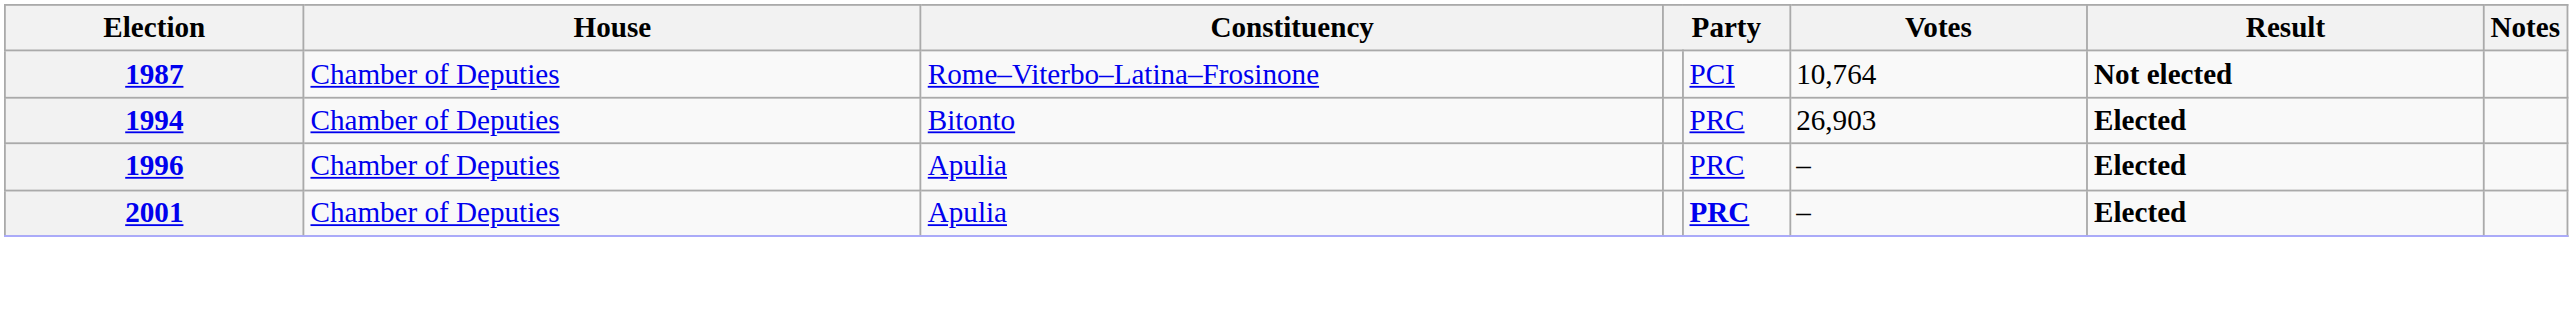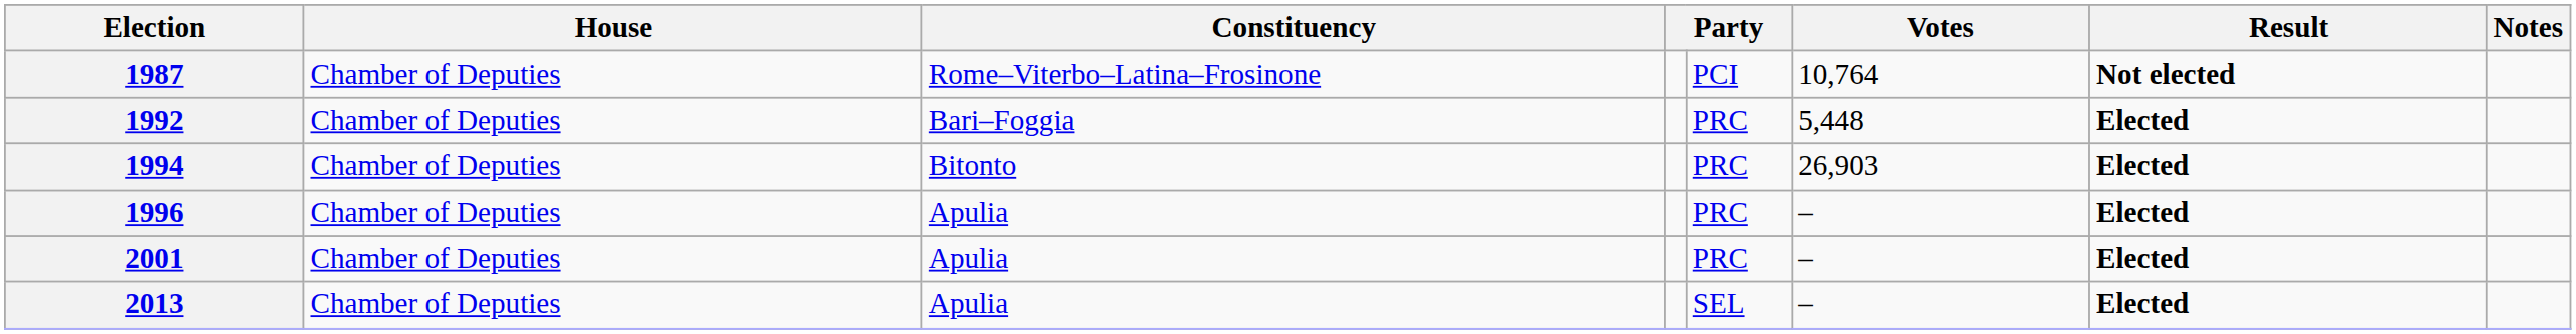 <table class=wikitable style="width:71%; border:1px #AAAAFF solid">
 <tr>
 <th width=12%>Election</th>
 <th width=25%>House</th>
 <th width=30%>Constituency</th>
 <th width=5% colspan="2">Party</th>
 <th width=12%>Votes</th>
 <th width=16%>Result</th>
 <th width=7%>Notes</th>
 </tr>
 <tr>
 <th><a href='#'>1987</a></th>
 <td><a href='#'>Chamber of Deputies</a></td>
 <td><a href='#'>Rome–Viterbo–Latina–Frosinone</a></td>
 <td></td>
 <td><a href='#'>PCI</a></td>
 <td>10,764</td>
 <td> <strong>Not elected</strong></td>
+<td></td>
+</tr>
+<tr>
+<th><a href='#'>1992</a></th>
+<td><a href='#'>Chamber of Deputies</a></td>
+<td><a href='#'>Bari–Foggia</a></td>
+<td></td>
+<td><a href='#'>PRC</a></td>
+<td>5,448</td>
+<td> <strong>Elected</strong></td>
 <td></td>
 </tr>
 <tr>
 <th><a href='#'>1994</a></th>
 <td><a href='#'>Chamber of Deputies</a></td>
 <td><a href='#'>Bitonto</a></td>
 <td></td>
 <td><a href='#'>PRC</a></td>
 <td>26,903</td>
 <td> <strong>Elected</strong></td>
 <td></td>
 </tr>
 <tr>
 <th><a href='#'>1996</a></th>
 <td><a href='#'>Chamber of Deputies</a></td>
 <td><a href='#'>Apulia</a></td>
 <td></td>
 <td><a href='#'>PRC</a></td>
 <td>–</td>
 <td> <strong>Elected</strong></td>
 <td></td>
 </tr>
 <tr>
 <th><a href='#'>2001</a></th>
 <td><a href='#'>Chamber of Deputies</a></td>
 <td><a href='#'>Apulia</a></td>
 <td></td>
-<td><strong><a href='#'>PRC</a></strong></td>
+<td><a href='#'>PRC</a></td>
+<td>–</td>
+<td> <strong>Elected</strong></td>
+<td></td>
+</tr>
+<tr>
+<th><a href='#'>2013</a></th>
+<td><a href='#'>Chamber of Deputies</a></td>
+<td><a href='#'>Apulia</a></td>
+<td></td>
+<td><a href='#'>SEL</a></td>
 <td>–</td>
 <td> <strong>Elected</strong></td>
 <td></td>
 </tr>
 <tr>
 </tr>
 </table>
